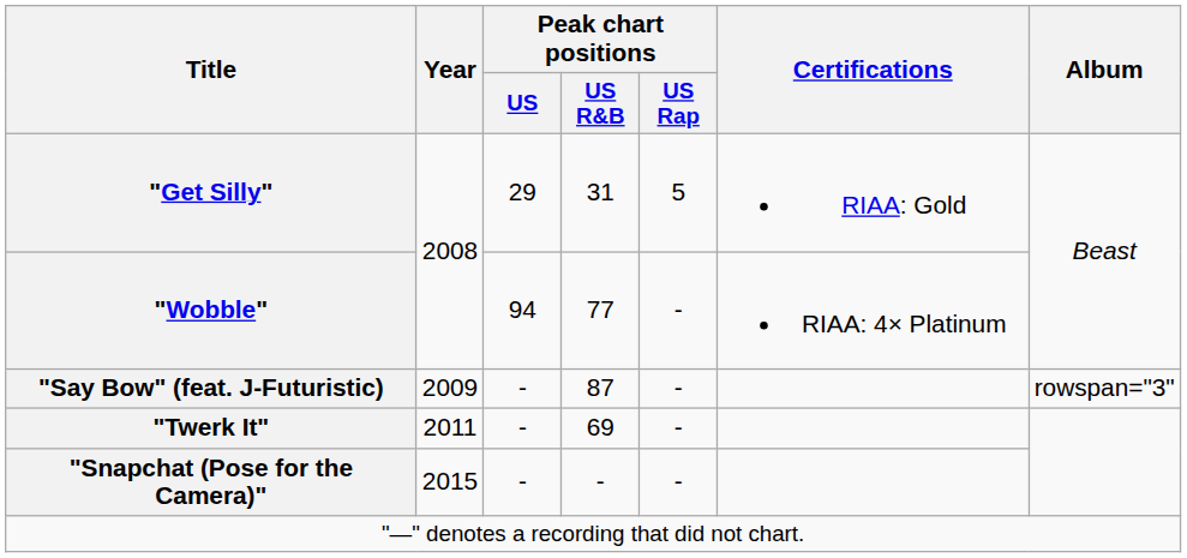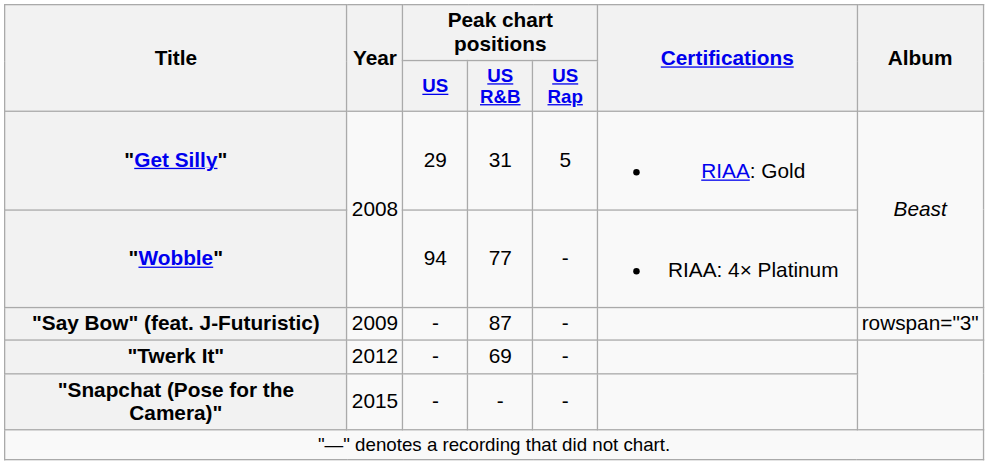 <table class="wikitable plainrowheaders" style="text-align:center;">
 <tr>
 <th scope="col" rowspan="2" style="width:16em;">Title</th>
 <th scope="col" rowspan="2">Year</th>
 <th scope="col" colspan="3">Peak chart positions</th>
 <th scope="col" rowspan="2" style="width:12em;"><a href='#'>Certifications</a></th>
 <th scope="col" rowspan="2">Album</th>
 </tr>
 <tr>
 <th style="width:3em; font-size:90%"><a href='#'>US</a><br></th>
 <th style="width:3em; font-size:90%"><a href='#'>US<br>R&B</a><br></th>
 <th style="width:3em; font-size:90%"><a href='#'>US<br>Rap</a><br></th>
 </tr>
 <tr>
 <th scope="row">"<a href='#'>Get Silly</a>"</th>
 <td rowspan="2">2008</td>
 <td>29</td>
 <td>31</td>
 <td>5</td>
 <td><br><ul><li><a href='#'>RIAA</a>: Gold</li></ul></td>
 <td rowspan="2"><em>Beast</em></td>
 </tr>
 <tr>
 <th scope="row">"<a href='#'>Wobble</a>"</th>
 <td>94</td>
 <td>77</td>
 <td>-</td>
 <td><br><ul><li>RIAA: 4× Platinum</li></ul></td>
 </tr>
 <tr>
 <th scope="row">"Say Bow" (feat. J-Futuristic)</th>
 <td>2009</td>
 <td>-</td>
 <td>87</td>
 <td>-</td>
 <td></td>
 <td>rowspan="3" </td>
 </tr>
 <tr>
 <th scope="row">"Twerk It"</th>
-<td>2011</td>
+<td>2012</td>
 <td>-</td>
 <td>69</td>
 <td>-</td>
 <td></td>
 </tr>
 <tr>
 <th scope="row">"Snapchat (Pose for the Camera)"</th>
 <td>2015</td>
 <td>-</td>
 <td>-</td>
 <td>-</td>
 <td></td>
 </tr>
 <tr>
 <td colspan="7" style="font-size:90%">"—" denotes a recording that did not chart.</td>
 </tr>
 </table>
